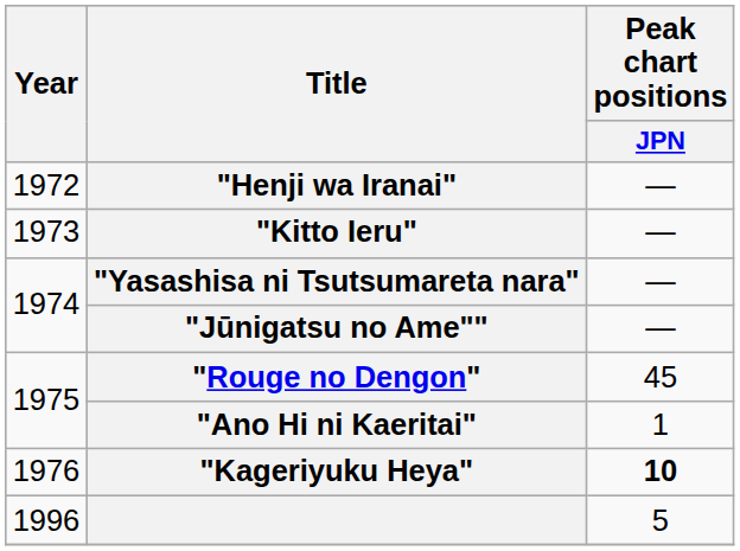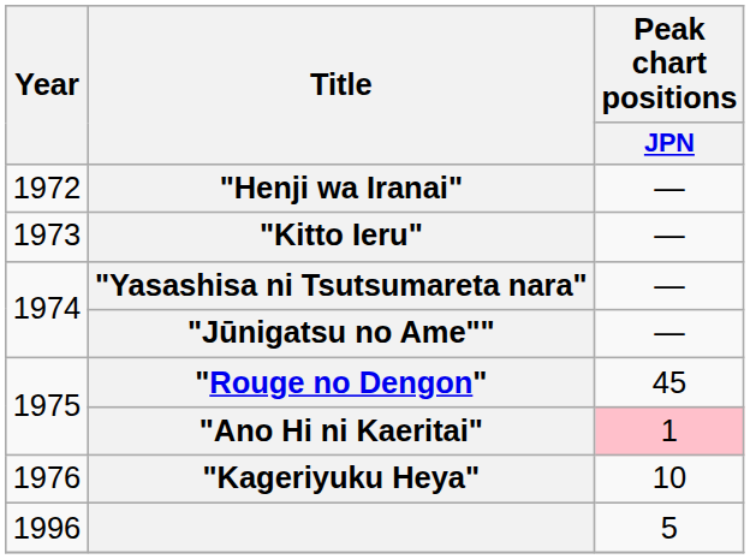 <table class="wikitable plainrowheaders" style="text-align:center;">
 <tr>
 <th rowspan="2">Year</th>
 <th rowspan="2">Title</th>
 <th colspan="1">Peak chart positions</th>
 </tr>
 <tr>
 <th style="width:3em;font-size:85%"><a href='#'>JPN</a><br></th>
 </tr>
 <tr>
 <td>1972</td>
 <th scope="row">"Henji wa Iranai"<br></th>
 <td>—</td>
 </tr>
 <tr>
 <td>1973</td>
 <th scope="row">"Kitto Ieru"<br></th>
 <td>—</td>
 </tr>
 <tr>
 <td rowspan="2">1974</td>
 <th scope="row">"Yasashisa ni Tsutsumareta nara"<br></th>
 <td>—</td>
 </tr>
 <tr>
 <th scope="row">"Jūnigatsu no Ame""<br></th>
 <td>—</td>
 </tr>
 <tr>
 <td rowspan="2">1975</td>
 <th scope="row">"<a href='#'>Rouge no Dengon</a>"<br></th>
 <td>45</td>
 </tr>
 <tr>
 <th scope="row">"Ano Hi ni Kaeritai"<br></th>
-<td>1</td>
+<td style="background: pink;">1</td>
 </tr>
 <tr>
 <td>1976</td>
 <th scope="row">"Kageriyuku Heya"<br></th>
-<td><strong>10</strong></td>
+<td>10</td>
 </tr>
 <tr>
 <td>1996</td>
 <th scope="row"></th>
 <td>5</td>
 </tr>
 <tr>
 </tr>
 </table>
